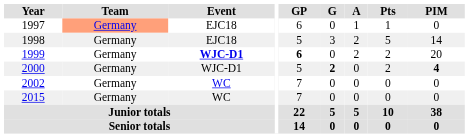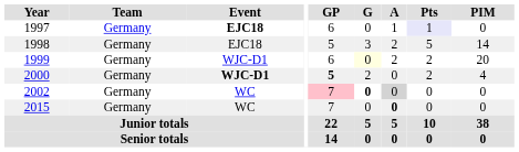 <table border="0" cellpadding="1" cellspacing="0" ID="Table3" style="text-align:center; width:40em">
 <tr ALIGN="center" bgcolor="#e0e0e0">
 <th>Year</th>
 <th>Team</th>
 <th>Event</th>
 <th rowspan="99" bgcolor="#ffffff"></th>
 <th>GP</th>
 <th>G</th>
 <th>A</th>
 <th>Pts</th>
 <th>PIM</th>
 </tr>
 <tr ALIGN="center">
 <td>1997</td>
-<td style="background: lightsalmon;"><a href='#'>Germany</a></td>
-<td>EJC18</td>
+<td><a href='#'>Germany</a></td>
+<td><strong>EJC18</strong></td>
 <td>6</td>
 <td>0</td>
 <td>1</td>
-<td>1</td>
+<td style="background: lavender;">1</td>
 <td>0</td>
 </tr>
 <tr ALIGN="center" bgcolor="#f0f0f0">
 <td>1998</td>
 <td>Germany</td>
 <td>EJC18</td>
 <td>5</td>
 <td>3</td>
 <td>2</td>
 <td>5</td>
 <td>14</td>
 </tr>
 <tr ALIGN="center">
 <td><a href='#'>1999</a></td>
 <td>Germany</td>
-<td><strong><a href='#'>WJC-D1</a></strong></td>
-<td><strong>6</strong></td>
-<td>0</td>
+<td><a href='#'>WJC-D1</a></td>
+<td>6</td>
+<td style="background: lightyellow;">0</td>
 <td>2</td>
 <td>2</td>
 <td>20</td>
 </tr>
 <tr ALIGN="center" bgcolor="#f0f0f0">
 <td><a href='#'>2000</a></td>
 <td>Germany</td>
-<td>WJC-D1</td>
-<td>5</td>
-<td><strong>2</strong></td>
+<td><strong>WJC-D1</strong></td>
+<td><strong>5</strong></td>
+<td>2</td>
 <td>0</td>
 <td>2</td>
-<td><strong>4</strong></td>
+<td>4</td>
 </tr>
 <tr ALIGN="center">
 <td><a href='#'>2002</a></td>
 <td>Germany</td>
 <td><a href='#'>WC</a></td>
-<td>7</td>
-<td>0</td>
-<td>0</td>
+<td style="background: pink;">7</td>
+<td><strong>0</strong></td>
+<td style="background: lightgrey;">0</td>
 <td>0</td>
 <td>0</td>
 </tr>
 <tr ALIGN="center" bgcolor="#f0f0f0">
 <td><a href='#'>2015</a></td>
 <td>Germany</td>
 <td>WC</td>
 <td>7</td>
 <td>0</td>
-<td>0</td>
+<td><strong>0</strong></td>
 <td>0</td>
 <td>0</td>
 </tr>
 <tr bgcolor="#e0e0e0">
 <th colspan="3">Junior totals</th>
 <th>22</th>
 <th>5</th>
 <th>5</th>
 <th>10</th>
 <th>38</th>
 </tr>
 <tr bgcolor="#e0e0e0">
 <th colspan="3">Senior totals</th>
 <th>14</th>
 <th>0</th>
 <th>0</th>
 <th>0</th>
 <th>0</th>
 </tr>
 </table>
